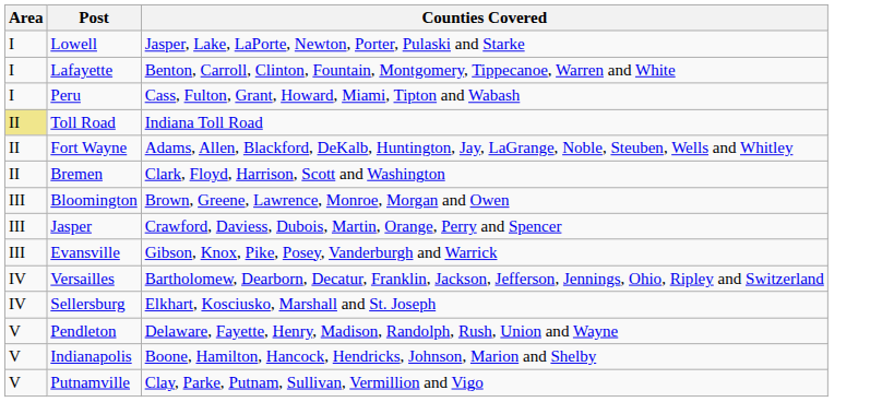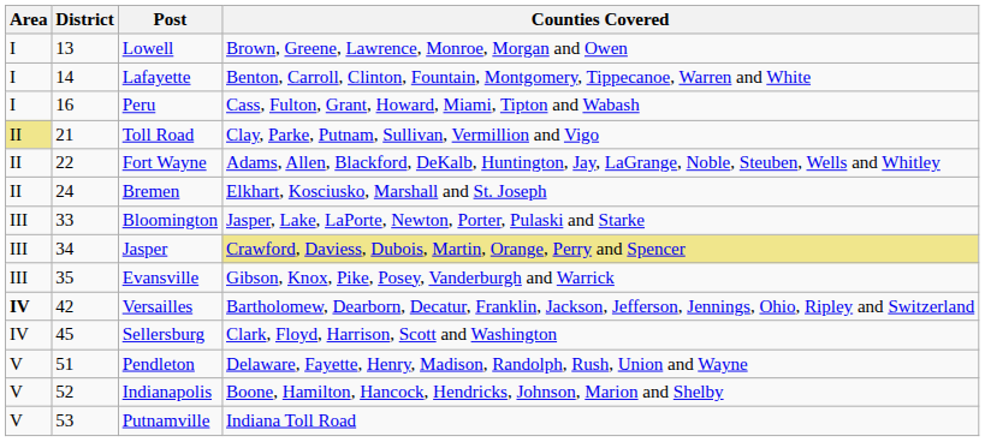 <table class="wikitable">
 <tr>
 <th>Area</th>
+<th>District</th>
 <th>Post</th>
 <th>Counties Covered</th>
 </tr>
 <tr>
 <td>I</td>
+<td>13</td>
 <td><a href='#'>Lowell</a></td>
-<td><a href='#'>Jasper</a>, <a href='#'>Lake</a>, <a href='#'>LaPorte</a>, <a href='#'>Newton</a>, <a href='#'>Porter</a>, <a href='#'>Pulaski</a> and <a href='#'>Starke</a></td>
+<td><a href='#'>Brown</a>, <a href='#'>Greene</a>, <a href='#'>Lawrence</a>, <a href='#'>Monroe</a>, <a href='#'>Morgan</a> and <a href='#'>Owen</a></td>
 </tr>
 <tr>
 <td>I</td>
+<td>14</td>
 <td><a href='#'>Lafayette</a></td>
 <td><a href='#'>Benton</a>, <a href='#'>Carroll</a>, <a href='#'>Clinton</a>, <a href='#'>Fountain</a>, <a href='#'>Montgomery</a>, <a href='#'>Tippecanoe</a>, <a href='#'>Warren</a> and <a href='#'>White</a></td>
 </tr>
 <tr>
 <td>I</td>
+<td>16</td>
 <td><a href='#'>Peru</a></td>
 <td><a href='#'>Cass</a>, <a href='#'>Fulton</a>, <a href='#'>Grant</a>, <a href='#'>Howard</a>, <a href='#'>Miami</a>, <a href='#'>Tipton</a> and <a href='#'>Wabash</a></td>
 </tr>
 <tr>
 <td style="background: khaki;">II</td>
+<td>21</td>
 <td><a href='#'>Toll Road</a></td>
-<td><a href='#'>Indiana Toll Road</a></td>
+<td><a href='#'>Clay</a>, <a href='#'>Parke</a>, <a href='#'>Putnam</a>, <a href='#'>Sullivan</a>, <a href='#'>Vermillion</a> and <a href='#'>Vigo</a></td>
 </tr>
 <tr>
 <td>II</td>
+<td>22</td>
 <td><a href='#'>Fort Wayne</a></td>
 <td><a href='#'>Adams</a>, <a href='#'>Allen</a>, <a href='#'>Blackford</a>, <a href='#'>DeKalb</a>, <a href='#'>Huntington</a>, <a href='#'>Jay</a>, <a href='#'>LaGrange</a>, <a href='#'>Noble</a>, <a href='#'>Steuben</a>, <a href='#'>Wells</a> and <a href='#'>Whitley</a></td>
 </tr>
 <tr>
 <td>II</td>
+<td>24</td>
 <td><a href='#'>Bremen</a></td>
-<td><a href='#'>Clark</a>, <a href='#'>Floyd</a>, <a href='#'>Harrison</a>, <a href='#'>Scott</a> and <a href='#'>Washington</a></td>
+<td><a href='#'>Elkhart</a>, <a href='#'>Kosciusko</a>, <a href='#'>Marshall</a> and <a href='#'>St. Joseph</a><br> </td>
 </tr>
 <tr>
 <td>III</td>
+<td>33</td>
 <td><a href='#'>Bloomington</a></td>
-<td><a href='#'>Brown</a>, <a href='#'>Greene</a>, <a href='#'>Lawrence</a>, <a href='#'>Monroe</a>, <a href='#'>Morgan</a> and <a href='#'>Owen</a></td>
+<td><a href='#'>Jasper</a>, <a href='#'>Lake</a>, <a href='#'>LaPorte</a>, <a href='#'>Newton</a>, <a href='#'>Porter</a>, <a href='#'>Pulaski</a> and <a href='#'>Starke</a></td>
 </tr>
 <tr>
 <td>III</td>
+<td>34</td>
 <td><a href='#'>Jasper</a></td>
-<td><a href='#'>Crawford</a>, <a href='#'>Daviess</a>, <a href='#'>Dubois</a>, <a href='#'>Martin</a>, <a href='#'>Orange</a>, <a href='#'>Perry</a> and <a href='#'>Spencer</a></td>
+<td style="background: khaki;"><a href='#'>Crawford</a>, <a href='#'>Daviess</a>, <a href='#'>Dubois</a>, <a href='#'>Martin</a>, <a href='#'>Orange</a>, <a href='#'>Perry</a> and <a href='#'>Spencer</a></td>
 </tr>
 <tr>
 <td>III</td>
+<td>35</td>
 <td><a href='#'>Evansville</a></td>
 <td><a href='#'>Gibson</a>, <a href='#'>Knox</a>, <a href='#'>Pike</a>, <a href='#'>Posey</a>, <a href='#'>Vanderburgh</a> and <a href='#'>Warrick</a><br></td>
 </tr>
 <tr>
-<td>IV</td>
+<td><strong>IV</strong></td>
+<td>42</td>
 <td><a href='#'>Versailles</a></td>
 <td><a href='#'>Bartholomew</a>, <a href='#'>Dearborn</a>, <a href='#'>Decatur</a>, <a href='#'>Franklin</a>, <a href='#'>Jackson</a>, <a href='#'>Jefferson</a>, <a href='#'>Jennings</a>, <a href='#'>Ohio</a>, <a href='#'>Ripley</a> and <a href='#'>Switzerland</a><br></td>
 </tr>
 <tr>
 <td>IV</td>
+<td>45</td>
 <td><a href='#'>Sellersburg</a></td>
-<td><a href='#'>Elkhart</a>, <a href='#'>Kosciusko</a>, <a href='#'>Marshall</a> and <a href='#'>St. Joseph</a><br> </td>
+<td><a href='#'>Clark</a>, <a href='#'>Floyd</a>, <a href='#'>Harrison</a>, <a href='#'>Scott</a> and <a href='#'>Washington</a></td>
 </tr>
 <tr>
 <td>V</td>
+<td>51</td>
 <td><a href='#'>Pendleton</a></td>
 <td><a href='#'>Delaware</a>, <a href='#'>Fayette</a>, <a href='#'>Henry</a>, <a href='#'>Madison</a>, <a href='#'>Randolph</a>, <a href='#'>Rush</a>, <a href='#'>Union</a> and <a href='#'>Wayne</a></td>
 </tr>
 <tr>
 <td>V</td>
+<td>52</td>
 <td><a href='#'>Indianapolis</a></td>
 <td><a href='#'>Boone</a>, <a href='#'>Hamilton</a>, <a href='#'>Hancock</a>, <a href='#'>Hendricks</a>, <a href='#'>Johnson</a>, <a href='#'>Marion</a> and <a href='#'>Shelby</a></td>
 </tr>
 <tr>
 <td>V</td>
+<td>53</td>
 <td><a href='#'>Putnamville</a></td>
-<td><a href='#'>Clay</a>, <a href='#'>Parke</a>, <a href='#'>Putnam</a>, <a href='#'>Sullivan</a>, <a href='#'>Vermillion</a> and <a href='#'>Vigo</a></td>
+<td><a href='#'>Indiana Toll Road</a></td>
 </tr>
 </table>
